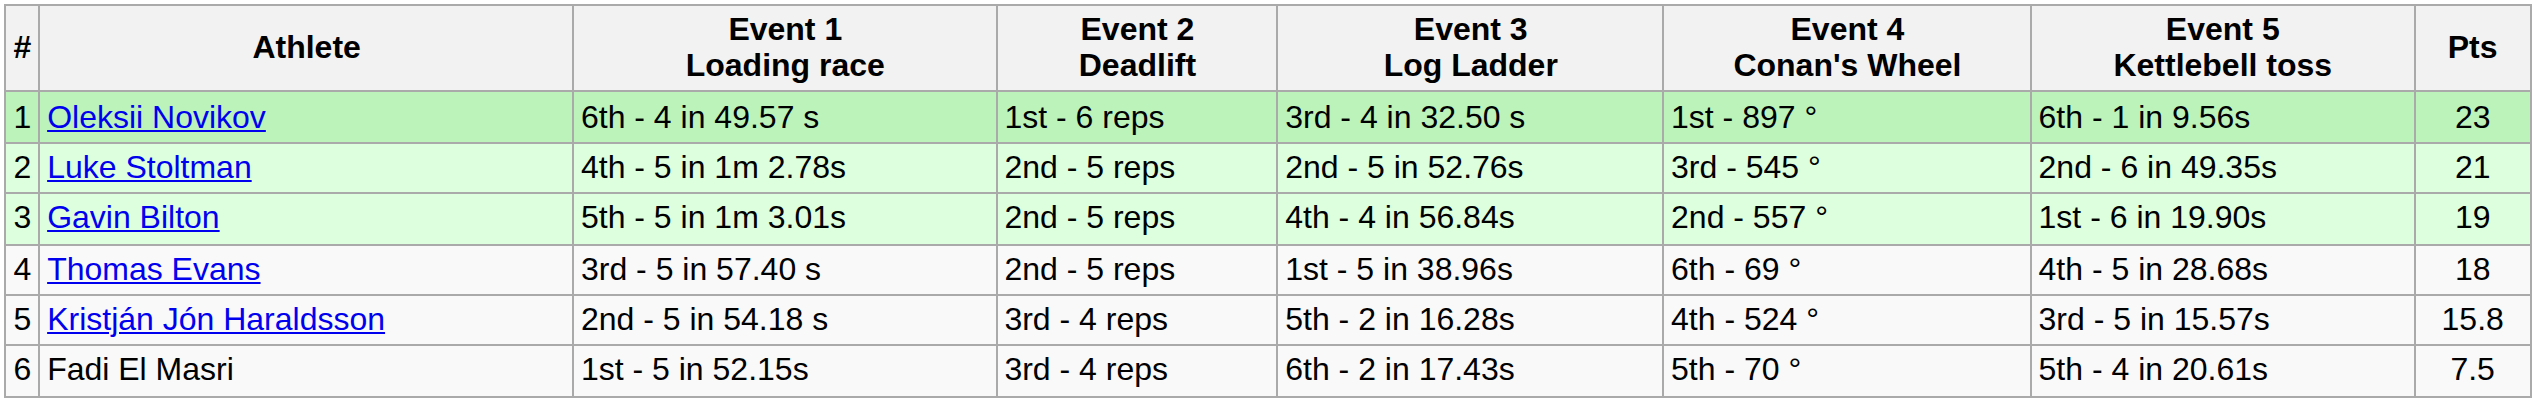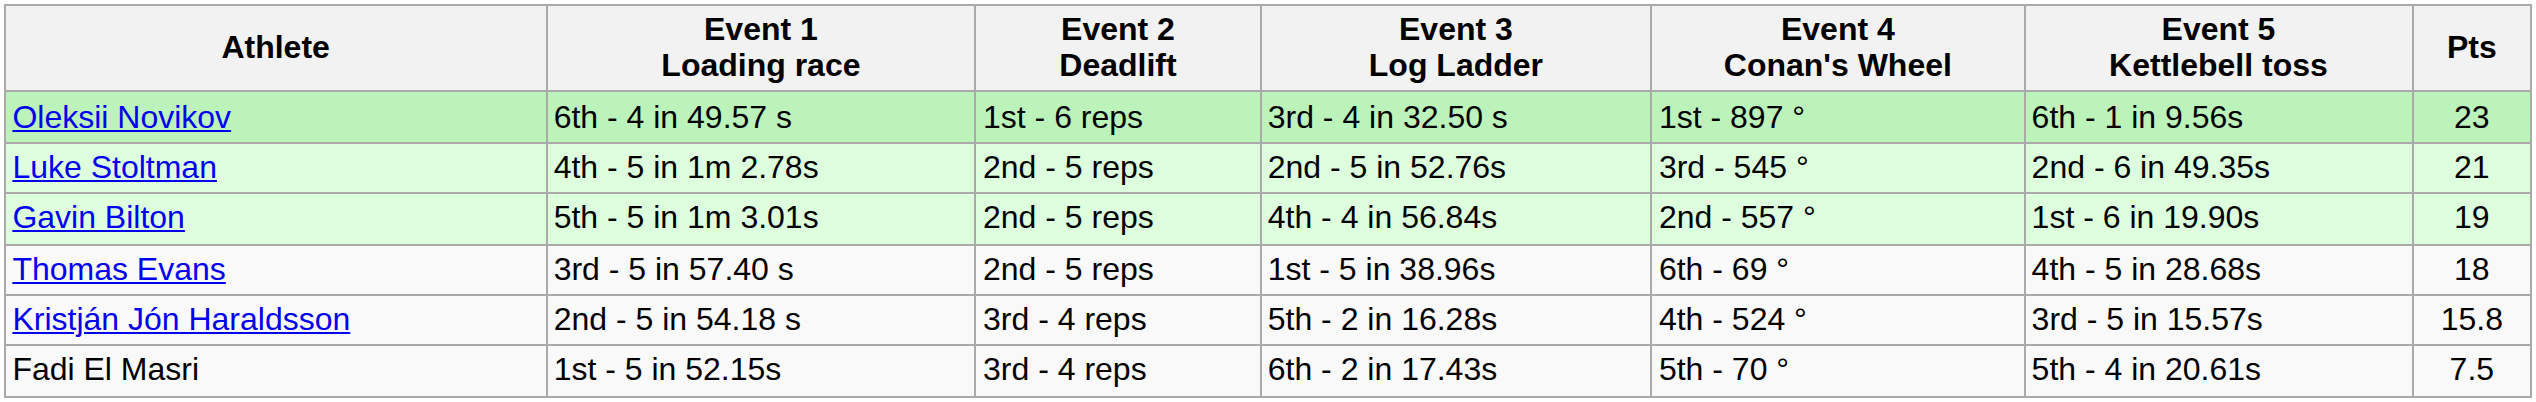 <table class="wikitable sortable" style="display: inline-table;width: 100%;">
 <tr>
-<th scope="col" style="width: 10px;">#</th>
 <th scope="col">Athlete</th>
 <th scope="col">Event 1<br>Loading race</th>
 <th scope="col">Event 2<br>Deadlift</th>
 <th scope="col">Event 3<br>Log Ladder</th>
 <th scope="col">Event 4<br>Conan's Wheel</th>
 <th scope="col">Event 5<br>Kettlebell toss</th>
 <th scope="col">Pts</th>
 </tr>
 <tr bgcolor=bbf3bb>
-<td align=center>1</td>
 <td> <a href='#'>Oleksii Novikov</a></td>
 <td>6th - 4 in 49.57 s</td>
 <td>1st - 6 reps</td>
 <td>3rd - 4 in 32.50 s</td>
 <td>1st - 897 °</td>
 <td>6th - 1 in 9.56s</td>
 <td align=center>23</td>
 </tr>
 <tr bgcolor=ddffdd>
-<td align=center>2</td>
 <td> <a href='#'>Luke Stoltman</a></td>
 <td>4th - 5 in 1m 2.78s</td>
 <td>2nd - 5 reps</td>
 <td>2nd - 5 in 52.76s</td>
 <td>3rd - 545 °</td>
 <td>2nd - 6 in 49.35s</td>
 <td align=center>21</td>
 </tr>
 <tr bgcolor=ddffdd>
-<td align=center>3</td>
 <td> <a href='#'>Gavin Bilton</a></td>
 <td>5th - 5 in 1m 3.01s</td>
 <td>2nd - 5 reps</td>
 <td>4th - 4 in 56.84s</td>
 <td>2nd - 557 °</td>
 <td>1st - 6 in 19.90s</td>
 <td align=center>19</td>
 </tr>
 <tr>
-<td align=center>4</td>
 <td> <a href='#'>Thomas Evans</a></td>
 <td>3rd - 5 in 57.40 s</td>
 <td>2nd - 5 reps</td>
 <td>1st - 5 in 38.96s</td>
 <td>6th - 69 °</td>
 <td>4th - 5 in 28.68s</td>
 <td align=center>18</td>
 </tr>
 <tr>
-<td align=center>5</td>
 <td> <a href='#'>Kristján Jón Haraldsson</a></td>
 <td>2nd - 5 in 54.18 s</td>
 <td>3rd - 4 reps</td>
 <td>5th - 2 in 16.28s</td>
 <td>4th - 524 °</td>
 <td>3rd - 5 in 15.57s</td>
 <td align=center>15.8</td>
 </tr>
 <tr>
-<td align=center>6</td>
 <td> Fadi El Masri</td>
 <td>1st - 5 in 52.15s</td>
 <td>3rd - 4 reps</td>
 <td>6th - 2 in 17.43s</td>
 <td>5th - 70 °</td>
 <td>5th - 4 in 20.61s</td>
 <td align=center>7.5</td>
 </tr>
 </table>
